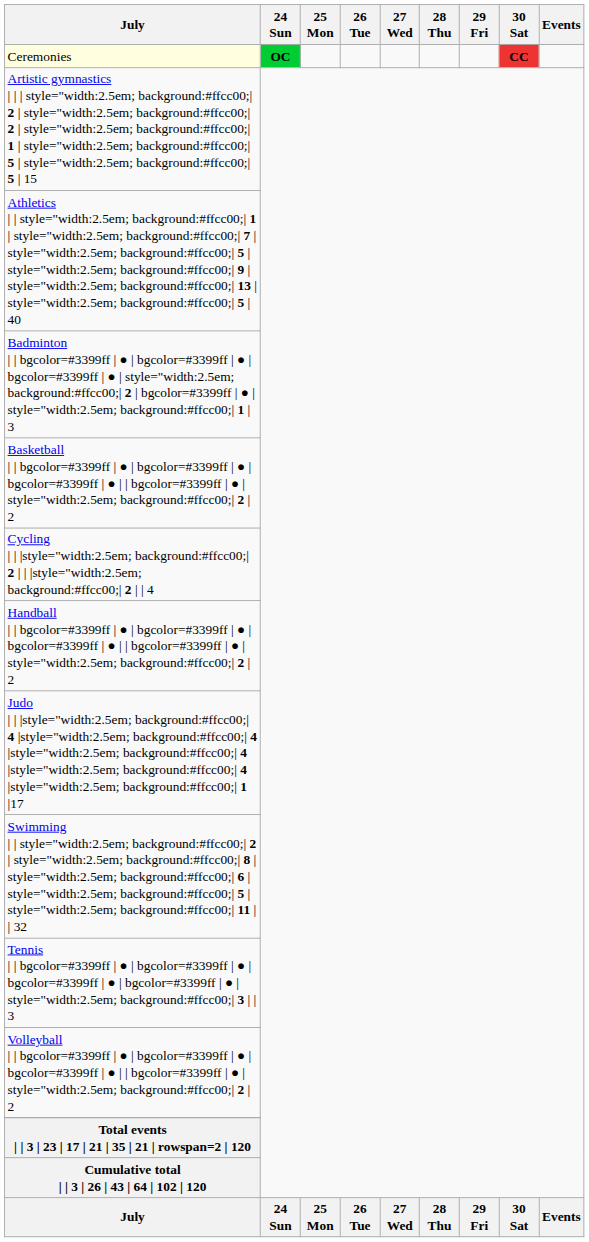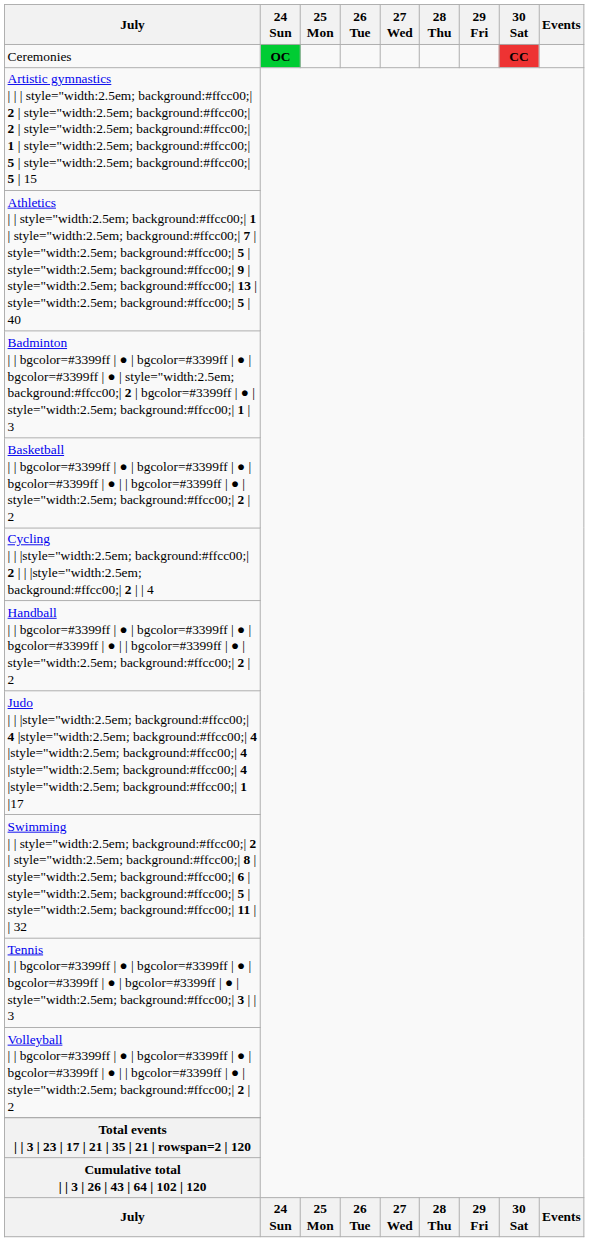 <table class="wikitable" style="margin:0.5em auto; font-size:90%; line-height:1.25em">
 <tr>
 <th>July</th>
 <th style="width:2.5em">24 <br> Sun</th>
 <th style="width:2.5em">25 <br> Mon</th>
 <th style="width:2.5em">26 <br> Tue</th>
 <th style="width:2.5em">27 <br> Wed</th>
 <th style="width:2.5em">28 <br> Thu</th>
 <th style="width:2.5em">29 <br> Fri</th>
 <th style="width:2.5em">30 <br> Sat</th>
 <th>Events</th>
 </tr>
 <tr>
-<td style="background: lightyellow;">Ceremonies</td>
+<td>Ceremonies</td>
 <td style="background:#00cc33; text-align:center"><strong>OC</strong></td>
 <td></td>
 <td></td>
 <td></td>
 <td></td>
 <td></td>
 <td style="background:#ee3333; text-align:center"><strong>CC</strong></td>
 <td></td>
 </tr>
 <tr style="text-align:center">
 <td style="text-align:left"> <a href='#'>Artistic gymnastics</a><br> |   |   | style="width:2.5em; background:#ffcc00;| <strong>2</strong>  | style="width:2.5em; background:#ffcc00;| <strong>2</strong>  | style="width:2.5em; background:#ffcc00;| <strong>1</strong>  | style="width:2.5em; background:#ffcc00;| <strong>5</strong>  | style="width:2.5em; background:#ffcc00;| <strong>5</strong>  | 15</td>
 </tr>
 <tr style="text-align:center">
 <td style="text-align:left"> <a href='#'>Athletics</a><br> |   | style="width:2.5em; background:#ffcc00;| <strong>1</strong>  | style="width:2.5em; background:#ffcc00;| <strong>7</strong>  | style="width:2.5em; background:#ffcc00;| <strong>5</strong>  | style="width:2.5em; background:#ffcc00;| <strong>9</strong>  | style="width:2.5em; background:#ffcc00;| <strong>13</strong>  | style="width:2.5em; background:#ffcc00;| <strong>5</strong>  | 40</td>
 </tr>
 <tr style="text-align:center">
 <td style="text-align:left"> <a href='#'>Badminton</a><br> |   | bgcolor=#3399ff | ●  | bgcolor=#3399ff | ●  | bgcolor=#3399ff | ●  | style="width:2.5em; background:#ffcc00;| <strong>2</strong>  | bgcolor=#3399ff | ●  | style="width:2.5em; background:#ffcc00;| <strong>1</strong>  | 3</td>
 </tr>
 <tr style="text-align:center">
 <td style="text-align:left"> <a href='#'>Basketball</a><br> |   | bgcolor=#3399ff | ●  | bgcolor=#3399ff | ●  | bgcolor=#3399ff | ●  |  | bgcolor=#3399ff | ●  | style="width:2.5em; background:#ffcc00;| <strong>2</strong>  | 2</td>
 </tr>
 <tr style="text-align:center">
 <td style="text-align:left"> <a href='#'>Cycling</a><br> |   |   |style="width:2.5em; background:#ffcc00;| <strong>2</strong>  |   |   |style="width:2.5em; background:#ffcc00;| <strong>2</strong>  |   | 4</td>
 </tr>
 <tr style="text-align:center">
 <td style="text-align:left"> <a href='#'>Handball</a><br> |   | bgcolor=#3399ff | ●  | bgcolor=#3399ff | ●  | bgcolor=#3399ff | ●  |  | bgcolor=#3399ff | ●  | style="width:2.5em; background:#ffcc00;| <strong>2</strong>  | 2</td>
 </tr>
 <tr style="text-align:center">
 <td style="text-align:left"> <a href='#'>Judo</a><br> |  |  |style="width:2.5em; background:#ffcc00;| <strong>4</strong>  |style="width:2.5em; background:#ffcc00;| <strong>4</strong>  |style="width:2.5em; background:#ffcc00;| <strong>4</strong>  |style="width:2.5em; background:#ffcc00;| <strong>4</strong>  |style="width:2.5em; background:#ffcc00;| <strong>1</strong>  |17</td>
 </tr>
 <tr style="text-align:center">
 <td style="text-align:left"> <a href='#'>Swimming</a><br> |   | style="width:2.5em; background:#ffcc00;| <strong>2</strong>  | style="width:2.5em; background:#ffcc00;| <strong>8</strong>  | style="width:2.5em; background:#ffcc00;| <strong>6</strong>  | style="width:2.5em; background:#ffcc00;| <strong>5</strong>  | style="width:2.5em; background:#ffcc00;| <strong>11</strong>  |   | 32</td>
 </tr>
 <tr style="text-align:center">
 <td style="text-align:left"> <a href='#'>Tennis</a><br> |   | bgcolor=#3399ff | ●  | bgcolor=#3399ff | ●  | bgcolor=#3399ff | ●  | bgcolor=#3399ff | ●  | style="width:2.5em; background:#ffcc00;| <strong>3</strong>  |  | 3</td>
 </tr>
 <tr style="text-align:center">
 <td style="text-align:left"> <a href='#'>Volleyball</a><br> |   | bgcolor=#3399ff | ●  | bgcolor=#3399ff | ●  | bgcolor=#3399ff | ●  |  | bgcolor=#3399ff | ●  | style="width:2.5em; background:#ffcc00;| <strong>2</strong>  | 2</td>
 </tr>
 <tr style="text-align:center">
 </tr>
 <tr align=center>
 <th>Total events<br> |   | 3  | 23  | 17  | 21  | 35  | 21  | rowspan=2 | 120</th>
 </tr>
 <tr align=center>
 <th>Cumulative total<br> |   | 3  | 26  | 43  | 64  | 102  | 120</th>
 </tr>
 <tr>
 <th>July</th>
 <th style="width:2.5em">24 <br> Sun</th>
 <th style="width:2.5em">25 <br> Mon</th>
 <th style="width:2.5em">26 <br> Tue</th>
 <th style="width:2.5em">27 <br> Wed</th>
 <th style="width:2.5em">28 <br> Thu</th>
 <th style="width:2.5em">29 <br> Fri</th>
 <th style="width:2.5em">30 <br> Sat</th>
 <th>Events</th>
 </tr>
 </table>
